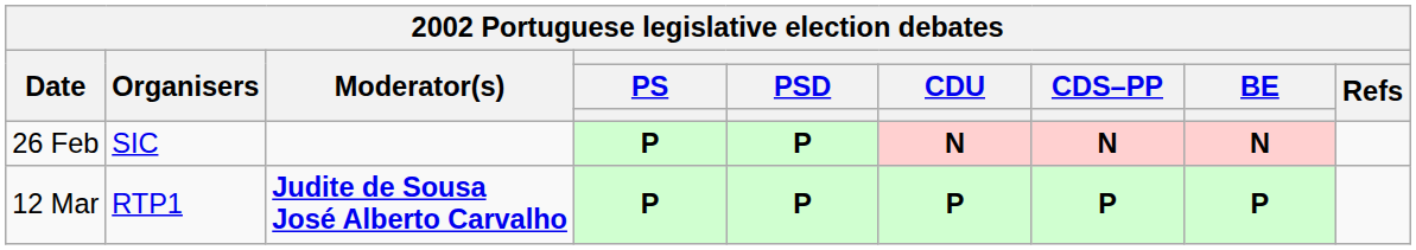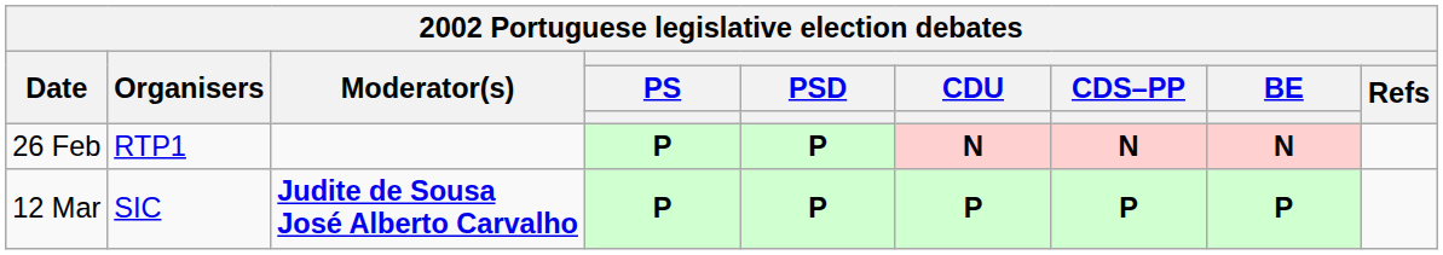 <table class="wikitable" style="font-size:98%; text-align:center;">
 <tr>
 <th colspan="21">2002 Portuguese legislative election debates</th>
 </tr>
 <tr>
 <th rowspan="3">Date</th>
 <th rowspan="3">Organisers</th>
 <th rowspan="3">Moderator(s)</th>
 <th colspan="19">      </th>
 </tr>
 <tr>
 <th scope="col" style="width:5em;"><a href='#'>PS</a><br></th>
 <th scope="col" style="width:5em;"><a href='#'>PSD</a><br></th>
 <th scope="col" style="width:5em;"><a href='#'>CDU</a><br></th>
 <th scope="col" style="width:5em;"><a href='#'>CDS–PP</a><br></th>
 <th scope="col" style="width:5em;"><a href='#'>BE</a><br></th>
 <th rowspan="2">Refs</th>
 </tr>
 <tr>
 <th style="color:inherit;background:"></th>
 <th style="color:inherit;background:"></th>
 <th style="color:inherit;background:"></th>
 <th style="color:inherit;background:"></th>
 <th style="color:inherit;background:"></th>
 </tr>
 <tr>
 <td style="white-space:nowrap; text-align:left;">26 Feb</td>
-<td style="white-space:nowrap; text-align:left;"><a href='#'>SIC</a></td>
+<td style="white-space:nowrap; text-align:left;"><a href='#'>RTP1</a></td>
 <td style="white-space:nowrap; text-align:left;"></td>
 <td style="background:#D0FFD0;"><strong>P</strong></td>
 <td style="background:#D0FFD0;"><strong>P</strong></td>
 <td style="background:#FFD0D0;"><strong>N</strong></td>
 <td style="background:#FFD0D0;"><strong>N</strong></td>
 <td style="background:#FFD0D0;"><strong>N</strong></td>
 <td></td>
 </tr>
 <tr>
 <td style="white-space:nowrap; text-align:left;">12 Mar</td>
-<td style="white-space:nowrap; text-align:left;"><a href='#'>RTP1</a></td>
+<td style="white-space:nowrap; text-align:left;"><a href='#'>SIC</a></td>
 <td style="white-space:nowrap; text-align:left;"><strong><a href='#'>Judite de Sousa</a><br><a href='#'>José Alberto Carvalho</a></strong></td>
 <td style="background:#D0FFD0;"><strong>P</strong></td>
 <td style="background:#D0FFD0;"><strong>P</strong></td>
 <td style="background:#D0FFD0;"><strong>P</strong></td>
 <td style="background:#D0FFD0;"><strong>P</strong></td>
 <td style="background:#D0FFD0;"><strong>P</strong></td>
 <td></td>
 </tr>
 </table>
